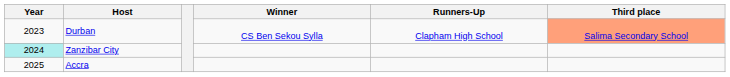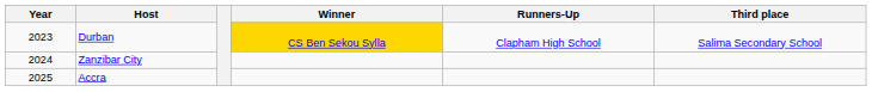 <table class=wikitable style="text-align:center; font-size:90%; width:%">
 <tr>
 <th width=5%>Year</th>
 <th width=10%>Host</th>
 <th width="1%" bgcolor=ffffff rowspan=4></th>
 <th width=15%>Winner</th>
 <th width=15%>Runners-Up</th>
 <th width=15%>Third place</th>
 </tr>
 <tr>
 <td>2023</td>
 <td align=left> <a href='#'>Durban</a></td>
-<td><br><a href='#'>CS Ben Sekou Sylla</a></td>
+<td style="background: gold;"><br><a href='#'>CS Ben Sekou Sylla</a></td>
 <td><br><a href='#'>Clapham High School</a></td>
-<td style="background: lightsalmon;"><br><a href='#'>Salima Secondary School</a></td>
+<td><br><a href='#'>Salima Secondary School</a></td>
 </tr>
 <tr>
-<td style="background: paleturquoise;">2024</td>
+<td>2024</td>
 <td align=left> <a href='#'>Zanzibar City</a></td>
 <td></td>
 <td></td>
 <td></td>
 </tr>
 <tr>
 <td>2025</td>
 <td align=left> <a href='#'>Accra</a></td>
 <td></td>
 <td></td>
 <td></td>
 </tr>
 </table>
